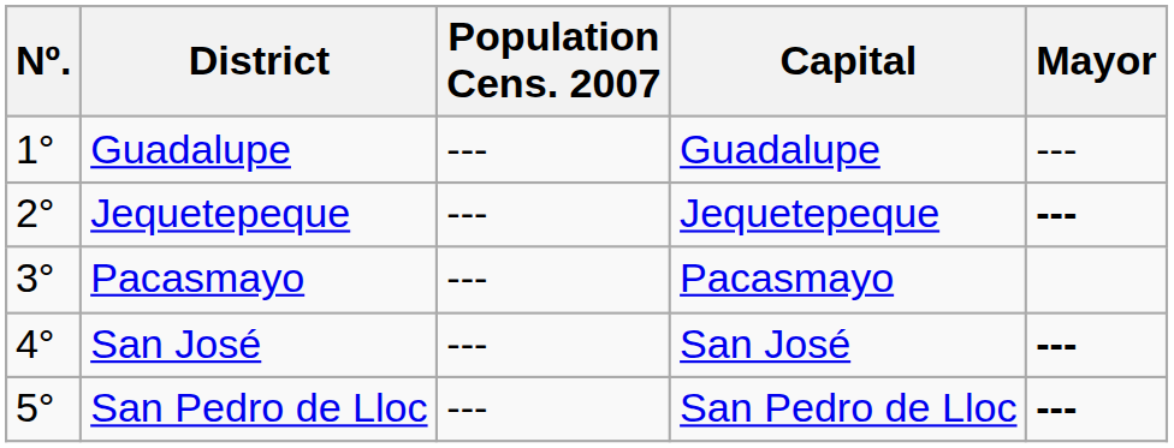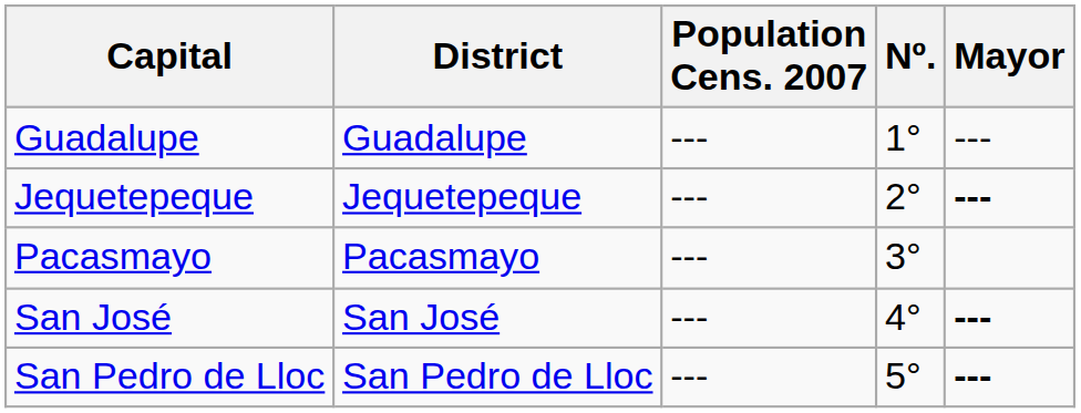 <table class="wikitable sortable">
 <tr ---->
-<th>Nº.</th>
+<th>Capital</th>
 <th>District</th>
 <th>Population<br>Cens. 2007</th>
-<th>Capital</th>
+<th>Nº.</th>
 <th>Mayor</th>
 </tr>
 <tr ---->
-<td>1°</td>
+<td><a href='#'>Guadalupe</a></td>
 <td><a href='#'>Guadalupe</a></td>
 <td>---</td>
-<td><a href='#'>Guadalupe</a></td>
+<td>1°</td>
 <td>---</td>
 </tr>
 <tr ---->
-<td>2°</td>
+<td><a href='#'>Jequetepeque</a></td>
 <td><a href='#'>Jequetepeque</a></td>
 <td>---</td>
-<td><a href='#'>Jequetepeque</a></td>
+<td>2°</td>
 <td><strong>---</strong></td>
 </tr>
 <tr ---->
-<td>3°</td>
+<td><a href='#'>Pacasmayo</a></td>
 <td><a href='#'>Pacasmayo</a></td>
 <td>---</td>
-<td><a href='#'>Pacasmayo</a></td>
+<td>3°</td>
 <td><strong> </strong></td>
 </tr>
 <tr ---->
-<td>4°</td>
+<td><a href='#'>San José</a></td>
 <td><a href='#'>San José</a></td>
 <td>---</td>
-<td><a href='#'>San José</a></td>
+<td>4°</td>
 <td><strong>---</strong></td>
 </tr>
 <tr ---->
-<td>5°</td>
+<td><a href='#'>San Pedro de Lloc</a></td>
 <td><a href='#'>San Pedro de Lloc</a></td>
 <td>---</td>
-<td><a href='#'>San Pedro de Lloc</a></td>
+<td>5°</td>
 <td><strong>---</strong></td>
 </tr>
 </table>
